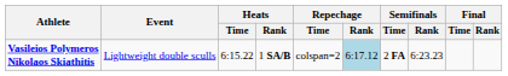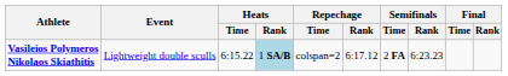 <table class="wikitable" style="font-size:90%;">
 <tr>
 <th rowspan="2">Athlete</th>
 <th rowspan="2">Event</th>
 <th colspan="2">Heats</th>
 <th colspan="2">Repechage</th>
 <th colspan="2">Semifinals</th>
 <th colspan="2">Final</th>
 </tr>
 <tr style="font-size:95%">
 <th>Time</th>
 <th>Rank</th>
 <th>Time</th>
 <th>Rank</th>
 <th>Time</th>
 <th>Rank</th>
 <th>Time</th>
 <th>Rank</th>
 </tr>
 <tr align=center>
 <td align=left><strong><a href='#'>Vasileios Polymeros</a><br> <a href='#'>Nikolaos Skiathitis</a></strong></td>
 <td align=left><a href='#'>Lightweight double sculls</a></td>
 <td>6:15.22</td>
-<td>1 <strong>SA/B</strong></td>
+<td style="background: lightblue;">1 <strong>SA/B</strong></td>
 <td>colspan=2 </td>
-<td style="background: lightblue;">6:17.12</td>
+<td>6:17.12</td>
 <td>2 <strong>FA</strong></td>
 <td>6:23.23</td>
 <td></td>
 </tr>
 </table>
